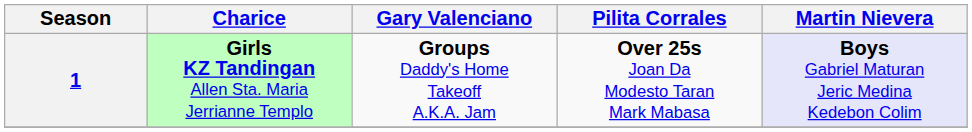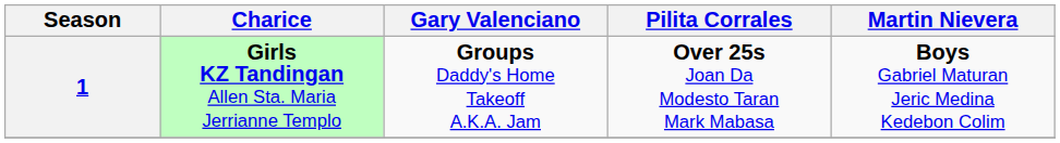 <table class="wikitable" style="text-align:center; font-size:100%; line-height:16px;" width="61%">
 <tr>
 <th style="width:9%;" scope="col">Season</th>
 <th style="width:13%;" scope="col"><a href='#'>Charice</a></th>
 <th style="width:13%;" scope="col"><a href='#'>Gary Valenciano</a></th>
 <th style="width:13%;" scope="col"><a href='#'>Pilita Corrales</a></th>
 <th style="width:13%;" scope="col"><a href='#'>Martin Nievera</a></th>
 </tr>
 <tr>
 <th scope="row"><strong><a href='#'>1</a></strong></th>
 <td style="background:#BFFFC0;"><strong>Girls</strong><br><strong><a href='#'>KZ Tandingan</a></strong><br><small><a href='#'>Allen Sta. Maria</a><br><a href='#'>Jerrianne Templo</a></small></td>
 <td><strong>Groups</strong><br><small><a href='#'>Daddy's Home</a><br><a href='#'>Takeoff</a><br><a href='#'>A.K.A. Jam</a></small></td>
 <td><strong>Over 25s</strong><br><small><a href='#'>Joan Da</a><br><a href='#'>Modesto Taran</a><br><a href='#'>Mark Mabasa</a></small></td>
-<td style="background: lavender;"><strong>Boys</strong><br><small><a href='#'>Gabriel Maturan</a><br><a href='#'>Jeric Medina</a><br><a href='#'>Kedebon Colim</a></small></td>
+<td><strong>Boys</strong><br><small><a href='#'>Gabriel Maturan</a><br><a href='#'>Jeric Medina</a><br><a href='#'>Kedebon Colim</a></small></td>
 </tr>
 <tr>
 </tr>
 </table>
